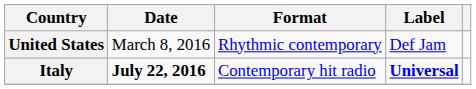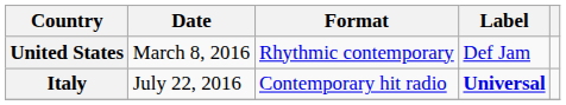 <table class="wikitable plainrowheaders">
 <tr>
 <th scope="col">Country</th>
 <th scope="col">Date</th>
 <th scope="col">Format</th>
 <th scope="col">Label</th>
 <th scope="col"></th>
 </tr>
 <tr>
 <th scope="row" rowspan="2">United States</th>
 <td rowspan="2">March 8, 2016</td>
 <td><a href='#'>Rhythmic contemporary</a></td>
 <td rowspan="2"><a href='#'>Def Jam</a></td>
 <td rowspan="2"><br></td>
 </tr>
 <tr>
 <td rowspan="2"><a href='#'>Contemporary hit radio</a></td>
 </tr>
 <tr>
 <th scope="row">Italy</th>
-<td><strong>July 22, 2016</strong></td>
+<td>July 22, 2016</td>
 <td><strong><a href='#'>Universal</a></strong></td>
 <td></td>
 </tr>
 <tr>
 </tr>
 </table>
